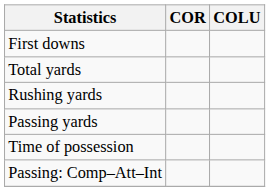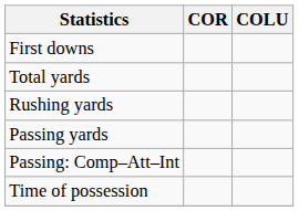 <table class="wikitable" style="float: left;">
 <tr>
 <th>Statistics</th>
 <th>COR</th>
 <th>COLU</th>
 </tr>
 <tr>
 <td>First downs</td>
 <td></td>
 <td></td>
 </tr>
 <tr>
 <td>Total yards</td>
 <td></td>
 <td></td>
 </tr>
 <tr>
 <td>Rushing yards</td>
 <td></td>
 <td></td>
 </tr>
 <tr>
 <td>Passing yards</td>
 <td></td>
 <td></td>
 </tr>
 <tr>
-<td>Time of possession</td>
+<td>Passing: Comp–Att–Int</td>
 <td></td>
 <td></td>
 </tr>
 <tr>
-<td>Passing: Comp–Att–Int</td>
+<td>Time of possession</td>
 <td></td>
 <td></td>
 </tr>
 <tr>
 </tr>
 </table>
